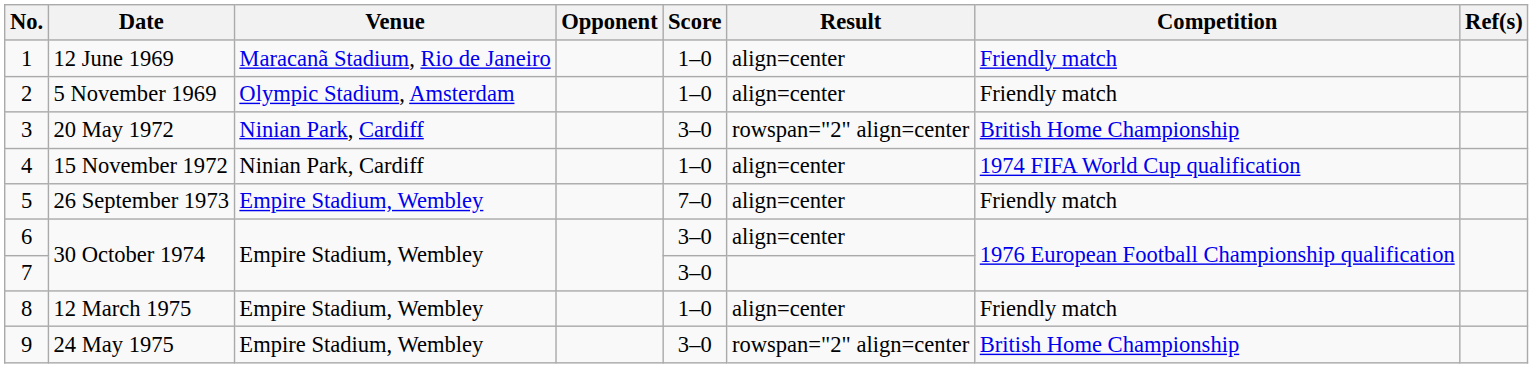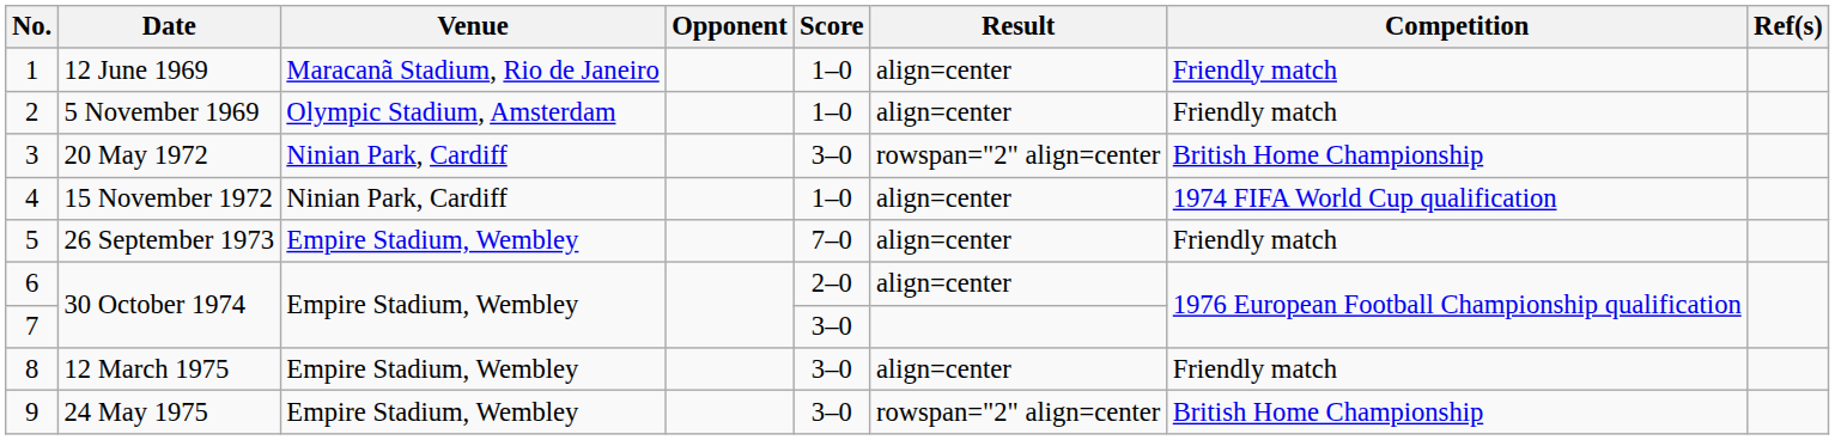 <table class="wikitable sortable">
 <tr>
 <th scope="col">No.</th>
 <th scope="col">Date</th>
 <th scope="col">Venue</th>
 <th scope="col">Opponent</th>
 <th scope="col">Score</th>
 <th scope="col">Result</th>
 <th scope="col">Competition</th>
 <th scope="col" class="unsortable">Ref(s)</th>
 </tr>
 <tr>
 <td align="center">1</td>
 <td>12 June 1969</td>
 <td><a href='#'>Maracanã Stadium</a>, <a href='#'>Rio de Janeiro</a></td>
 <td></td>
 <td align="center">1–0</td>
 <td>align=center </td>
 <td><a href='#'>Friendly match</a></td>
 <td></td>
 </tr>
 <tr>
 <td align="center">2</td>
 <td>5 November 1969</td>
 <td><a href='#'>Olympic Stadium</a>, <a href='#'>Amsterdam</a></td>
 <td></td>
 <td align="center">1–0</td>
 <td>align=center </td>
 <td>Friendly match</td>
 <td></td>
 </tr>
 <tr>
 <td align="center">3</td>
 <td>20 May 1972</td>
 <td><a href='#'>Ninian Park</a>, <a href='#'>Cardiff</a></td>
 <td></td>
 <td align="center">3–0</td>
 <td>rowspan="2" align=center </td>
 <td><a href='#'>British Home Championship</a></td>
 <td></td>
 </tr>
 <tr>
 <td align="center">4</td>
 <td>15 November 1972</td>
 <td>Ninian Park, Cardiff</td>
 <td></td>
 <td align="center">1–0</td>
 <td>align=center </td>
 <td><a href='#'>1974 FIFA World Cup qualification</a></td>
 <td></td>
 </tr>
 <tr>
 <td align="center">5</td>
 <td>26 September 1973</td>
 <td><a href='#'>Empire Stadium, Wembley</a></td>
 <td></td>
 <td align="center">7–0</td>
 <td>align=center </td>
 <td>Friendly match</td>
 <td></td>
 </tr>
 <tr>
 <td align="center">6</td>
 <td rowspan="2">30 October 1974</td>
 <td rowspan="2">Empire Stadium, Wembley</td>
 <td rowspan="2"></td>
-<td align="center">3–0</td>
+<td align="center">2–0</td>
 <td>align=center </td>
 <td rowspan="2"><a href='#'>1976 European Football Championship qualification</a></td>
 <td rowspan="2"></td>
 </tr>
 <tr>
 <td align="center">7</td>
 <td align="center">3–0</td>
 </tr>
 <tr>
 <td align="center">8</td>
 <td>12 March 1975</td>
 <td>Empire Stadium, Wembley</td>
 <td></td>
-<td align="center">1–0</td>
+<td align="center">3–0</td>
 <td>align=center </td>
 <td>Friendly match</td>
 <td></td>
 </tr>
 <tr>
 <td align="center">9</td>
 <td>24 May 1975</td>
 <td>Empire Stadium, Wembley</td>
 <td></td>
 <td align="center">3–0</td>
 <td>rowspan="2" align=center </td>
 <td><a href='#'>British Home Championship</a></td>
 <td></td>
 </tr>
 </table>
